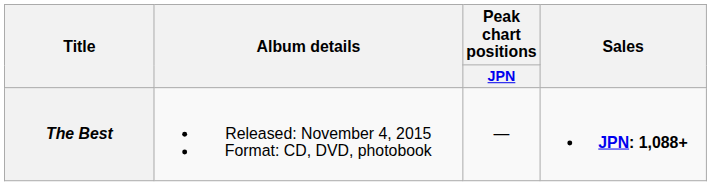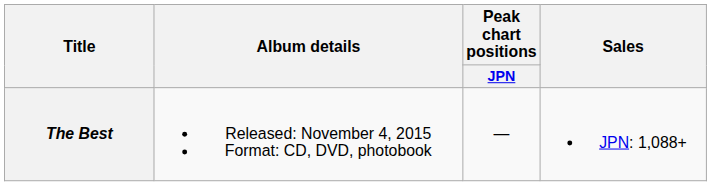 <table class="wikitable plainrowheaders" style="text-align:center;">
 <tr>
 <th scope="col" rowspan="2" style="width:9em;">Title</th>
 <th scope="col" rowspan="2" style="width:19em;">Album details</th>
 <th scope="col" colspan="1">Peak chart positions</th>
 <th scope="col"  rowspan="2" style="width:10em;">Sales</th>
 </tr>
 <tr>
 <th scope="col" style="width:3em;font-size:90%"><a href='#'>JPN</a><br></th>
 </tr>
 <tr>
 <th scope="row"><em>The Best</em></th>
 <td><br><ul><li>Released: November 4, 2015 </li><li>Format: CD, DVD, photobook</li></ul></td>
 <td>—</td>
-<td><strong><br><ul><li><a href='#'>JPN</a>: 1,088+</li></ul></strong></td>
+<td><br><ul><li><a href='#'>JPN</a>: 1,088+</li></ul></td>
 </tr>
 </table>
